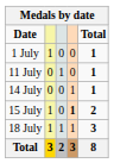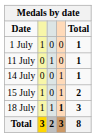 <table class=wikitable style="font-size:85%; text-align:center; float:right;">
 <tr bgcolor=efefef>
 <th colspan=6>Medals by date</th>
 </tr>
 <tr style="text-align:center">
 <td><strong>Date</strong></td>
 <td bgcolor=F7F6A8></td>
 <td bgcolor=DCE5E5></td>
 <td bgcolor=FFDAB9></td>
 <td><strong>Total</strong></td>
 </tr>
 <tr style="text-align:center">
 <td>1 July</td>
 <td bgcolor=F7F6A8>1</td>
 <td bgcolor=DCE5E5>0</td>
 <td bgcolor=FFDAB9>0</td>
 <td><strong>1</strong></td>
 </tr>
 <tr style="text-align:center">
 <td>11 July</td>
 <td bgcolor=F7F6A8>0</td>
 <td bgcolor=DCE5E5>1</td>
 <td bgcolor=FFDAB9>0</td>
 <td><strong>1</strong></td>
 </tr>
 <tr style="text-align:center">
 <td>14 July</td>
 <td bgcolor=F7F6A8>0</td>
 <td bgcolor=DCE5E5>0</td>
 <td bgcolor=FFDAB9>1</td>
 <td><strong>1</strong></td>
 </tr>
 <tr style="text-align:center">
 <td>15 July</td>
 <td bgcolor=F7F6A8>1</td>
 <td bgcolor=DCE5E5>0</td>
-<td bgcolor=FFDAB9><strong>1</strong></td>
+<td bgcolor=FFDAB9>1</td>
 <td><strong>2</strong></td>
 </tr>
 <tr style="text-align:center">
 <td>18 July</td>
 <td bgcolor=F7F6A8>1</td>
 <td bgcolor=DCE5E5>1</td>
-<td bgcolor=FFDAB9>1</td>
+<td bgcolor=FFDAB9><strong>1</strong></td>
 <td><strong>3</strong></td>
 </tr>
 <tr>
 <th>Total</th>
 <th style="background:gold">3</th>
 <th style="background:silver">2</th>
 <th style="background:#c96">3</th>
 <th>8</th>
 </tr>
 </table>
